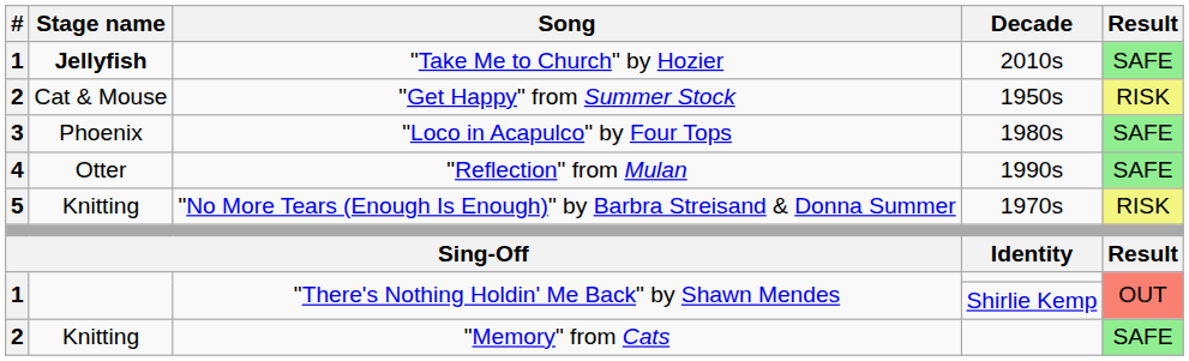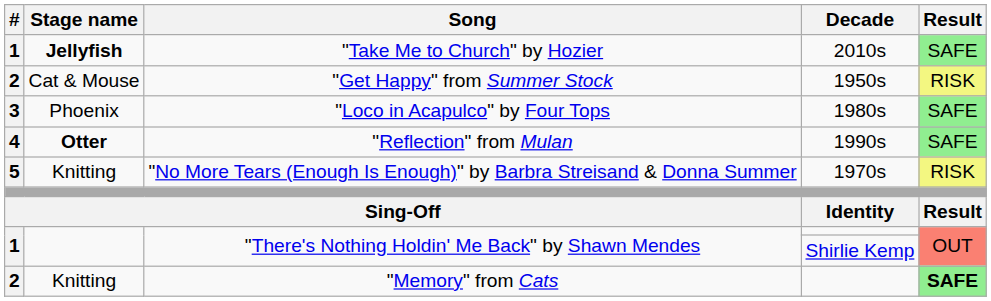 <table class="wikitable plainrowheaders" style="text-align: center;">
 <tr>
 <th>#</th>
 <th>Stage name</th>
 <th>Song</th>
 <th>Decade</th>
 <th colspan="2">Result</th>
 </tr>
 <tr>
 <th>1</th>
 <td><strong>Jellyfish</strong></td>
 <td>"<a href='#'>Take Me to Church</a>" by <a href='#'>Hozier</a></td>
 <td>2010s</td>
 <td colspan="2" bgcolor="lightgreen">SAFE</td>
 </tr>
 <tr>
 <th>2</th>
 <td>Cat & Mouse</td>
 <td>"<a href='#'>Get Happy</a>" from <em><a href='#'>Summer Stock</a></em></td>
 <td>1950s</td>
 <td colspan="2" bgcolor="#F3F781">RISK</td>
 </tr>
 <tr>
 <th>3</th>
 <td>Phoenix</td>
 <td>"<a href='#'>Loco in Acapulco</a>" by <a href='#'>Four Tops</a></td>
 <td>1980s</td>
 <td colspan="2" bgcolor="lightgreen">SAFE</td>
 </tr>
 <tr>
 <th>4</th>
-<td>Otter</td>
+<td><strong>Otter</strong></td>
 <td>"<a href='#'>Reflection</a>" from <em><a href='#'>Mulan</a></em></td>
 <td>1990s</td>
 <td colspan="2" bgcolor="lightgreen">SAFE</td>
 </tr>
 <tr>
 <th>5</th>
 <td>Knitting</td>
 <td>"<a href='#'>No More Tears (Enough Is Enough)</a>" by <a href='#'>Barbra Streisand</a> & <a href='#'>Donna Summer</a></td>
 <td>1970s</td>
 <td colspan="2" bgcolor="#F3F781">RISK</td>
 </tr>
 <tr>
 <td colspan="5" style="background:darkgray"></td>
 </tr>
 <tr>
 <th colspan="3">Sing-Off</th>
 <th>Identity</th>
 <th>Result</th>
 </tr>
 <tr>
 <th rowspan=2>1</th>
 <td rowspan=2></td>
 <td rowspan=2>"<a href='#'>There's Nothing Holdin' Me Back</a>" by <a href='#'>Shawn Mendes</a></td>
 <td></td>
 <td rowspan=2 bgcolor="salmon">OUT</td>
 </tr>
 <tr>
 <td><a href='#'>Shirlie Kemp</a></td>
 </tr>
 <tr>
 <th>2</th>
 <td>Knitting</td>
 <td>"<a href='#'>Memory</a>" from <em><a href='#'>Cats</a></em></td>
 <td></td>
-<td bgcolor="lightgreen">SAFE</td>
+<td bgcolor="lightgreen"><strong>SAFE</strong></td>
 </tr>
 </table>
